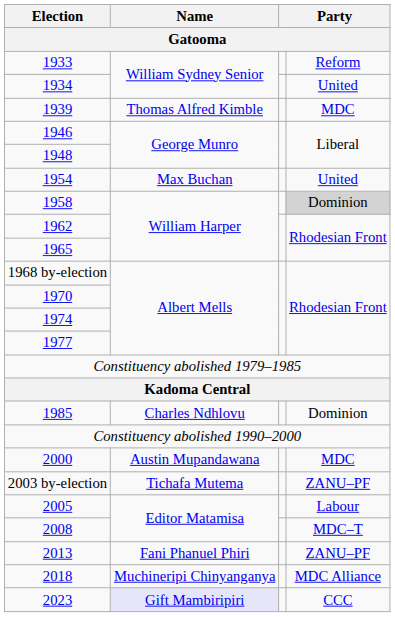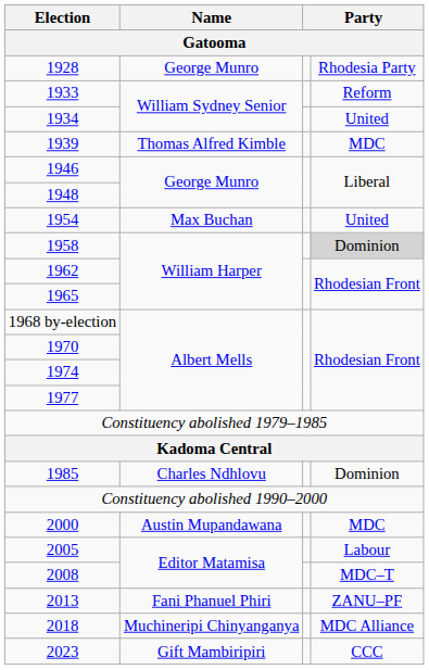 <table class="wikitable" style="text-align:center">
 <tr>
 <th>Election</th>
 <th>Name</th>
 <th colspan="2">Party</th>
 </tr>
 <tr>
 <th colspan="4">Gatooma</th>
+</tr>
+<tr>
+<td><a href='#'>1928</a></td>
+<td><a href='#'>George Munro</a></td>
+<td style="background-color: "></td>
+<td><a href='#'>Rhodesia Party</a></td>
 </tr>
 <tr>
 <td><a href='#'>1933</a></td>
 <td rowspan="2"><a href='#'>William Sydney Senior</a></td>
 <td style="background-color: "></td>
 <td><a href='#'>Reform</a></td>
 </tr>
 <tr>
 <td><a href='#'>1934</a></td>
 <td style="background-color: "></td>
 <td><a href='#'>United</a></td>
 </tr>
 <tr>
 <td><a href='#'>1939</a></td>
 <td><a href='#'>Thomas Alfred Kimble</a></td>
 <td style="background-color: "></td>
 <td><a href='#'>MDC</a></td>
 </tr>
 <tr>
 <td><a href='#'>1946</a></td>
 <td rowspan="2"><a href='#'>George Munro</a></td>
 <td rowspan="2" style="background-color: "></td>
 <td rowspan="2">Liberal</td>
 </tr>
 <tr>
 <td><a href='#'>1948</a></td>
 </tr>
 <tr>
 <td><a href='#'>1954</a></td>
 <td><a href='#'>Max Buchan</a></td>
 <td style="background-color: "></td>
 <td><a href='#'>United</a></td>
 </tr>
 <tr>
 <td><a href='#'>1958</a></td>
 <td rowspan="3"><a href='#'>William Harper</a></td>
 <td></td>
 <td style="background: lightgrey;">Dominion</td>
 </tr>
 <tr>
 <td><a href='#'>1962</a></td>
 <td rowspan="2" style="background-color: "></td>
 <td rowspan="2"><a href='#'>Rhodesian Front</a></td>
 </tr>
 <tr>
 <td><a href='#'>1965</a></td>
 </tr>
 <tr>
 <td>1968 by-election</td>
 <td rowspan="4"><a href='#'>Albert Mells</a></td>
 <td rowspan="4" style="background-color: "></td>
 <td rowspan="4"><a href='#'>Rhodesian Front</a></td>
 </tr>
 <tr>
 <td><a href='#'>1970</a></td>
 </tr>
 <tr>
 <td><a href='#'>1974</a></td>
 </tr>
 <tr>
 <td><a href='#'>1977</a></td>
 </tr>
 <tr>
 <td colspan="4"><em>Constituency abolished 1979–1985</em></td>
 </tr>
 <tr>
 <th colspan="4">Kadoma Central</th>
 </tr>
 <tr>
 <td><a href='#'>1985</a></td>
 <td><a href='#'>Charles Ndhlovu</a></td>
 <td style="background-color: "></td>
 <td>Dominion</td>
 </tr>
 <tr>
 <td colspan="4"><em>Constituency abolished 1990–2000</em></td>
 </tr>
 <tr>
 <td><a href='#'>2000</a></td>
 <td><a href='#'>Austin Mupandawana</a></td>
 <td style="background-color: "></td>
 <td><a href='#'>MDC</a></td>
 </tr>
 <tr>
-<td>2003 by-election</td>
-<td><a href='#'>Tichafa Mutema</a></td>
-<td style="background-color: "></td>
-<td><a href='#'>ZANU–PF</a></td>
-</tr>
-<tr>
 <td><a href='#'>2005</a></td>
 <td rowspan="2"><a href='#'>Editor Matamisa</a></td>
 <td style="background-color: "></td>
 <td><a href='#'>Labour</a></td>
 </tr>
 <tr>
 <td><a href='#'>2008</a></td>
 <td style="background-color: "></td>
 <td><a href='#'>MDC–T</a></td>
 </tr>
 <tr>
 <td><a href='#'>2013</a></td>
 <td><a href='#'>Fani Phanuel Phiri</a></td>
 <td style="background-color: "></td>
 <td><a href='#'>ZANU–PF</a></td>
 </tr>
 <tr>
 <td><a href='#'>2018</a></td>
 <td><a href='#'>Muchineripi Chinyanganya</a></td>
 <td style="background-color: "></td>
 <td><a href='#'>MDC Alliance</a></td>
 </tr>
 <tr>
 <td><a href='#'>2023</a></td>
-<td style="background: lavender;"><a href='#'>Gift Mambiripiri</a></td>
+<td><a href='#'>Gift Mambiripiri</a></td>
 <td style="background-color: "></td>
 <td><a href='#'>CCC</a></td>
 </tr>
 </table>
